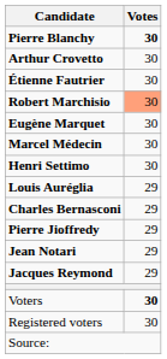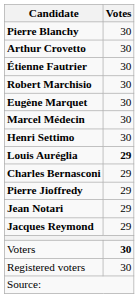 <table class="wikitable" style="text-align:right">
 <tr>
 <th>Candidate</th>
 <th>Votes</th>
 </tr>
 <tr>
 <td align="left"><strong>Pierre Blanchy</strong></td>
-<td><strong>30</strong></td>
+<td>30</td>
 </tr>
 <tr>
 <td align="left"><strong>Arthur Crovetto</strong></td>
 <td>30</td>
 </tr>
 <tr>
 <td align="left"><strong>Étienne Fautrier</strong></td>
 <td>30</td>
 </tr>
 <tr>
 <td align="left"><strong>Robert Marchisio</strong></td>
-<td style="background: lightsalmon;">30</td>
+<td>30</td>
 </tr>
 <tr>
 <td align="left"><strong>Eugène Marquet</strong></td>
 <td>30</td>
 </tr>
 <tr>
 <td align="left"><strong>Marcel Médecin</strong></td>
 <td>30</td>
 </tr>
 <tr>
 <td align="left"><strong>Henri Settimo</strong></td>
 <td>30</td>
 </tr>
 <tr>
 <td align="left"><strong>Louis Auréglia</strong></td>
-<td>29</td>
+<td><strong>29</strong></td>
 </tr>
 <tr>
 <td align="left"><strong>Charles Bernasconi</strong></td>
 <td>29</td>
 </tr>
 <tr>
 <td align="left"><strong>Pierre Jioffredy</strong></td>
 <td>29</td>
 </tr>
 <tr>
 <td align="left"><strong>Jean Notari</strong></td>
 <td>29</td>
 </tr>
 <tr>
 <td align="left"><strong>Jacques Reymond</strong></td>
 <td>29</td>
 </tr>
 <tr>
 <th colspan=2></th>
 </tr>
 <tr>
 <td align="left">Voters</td>
 <td><strong>30</strong></td>
 </tr>
 <tr>
 <td align="left">Registered voters</td>
 <td>30</td>
 </tr>
 <tr>
 <td colspan="4" align="left">Source:</td>
 </tr>
 </table>
